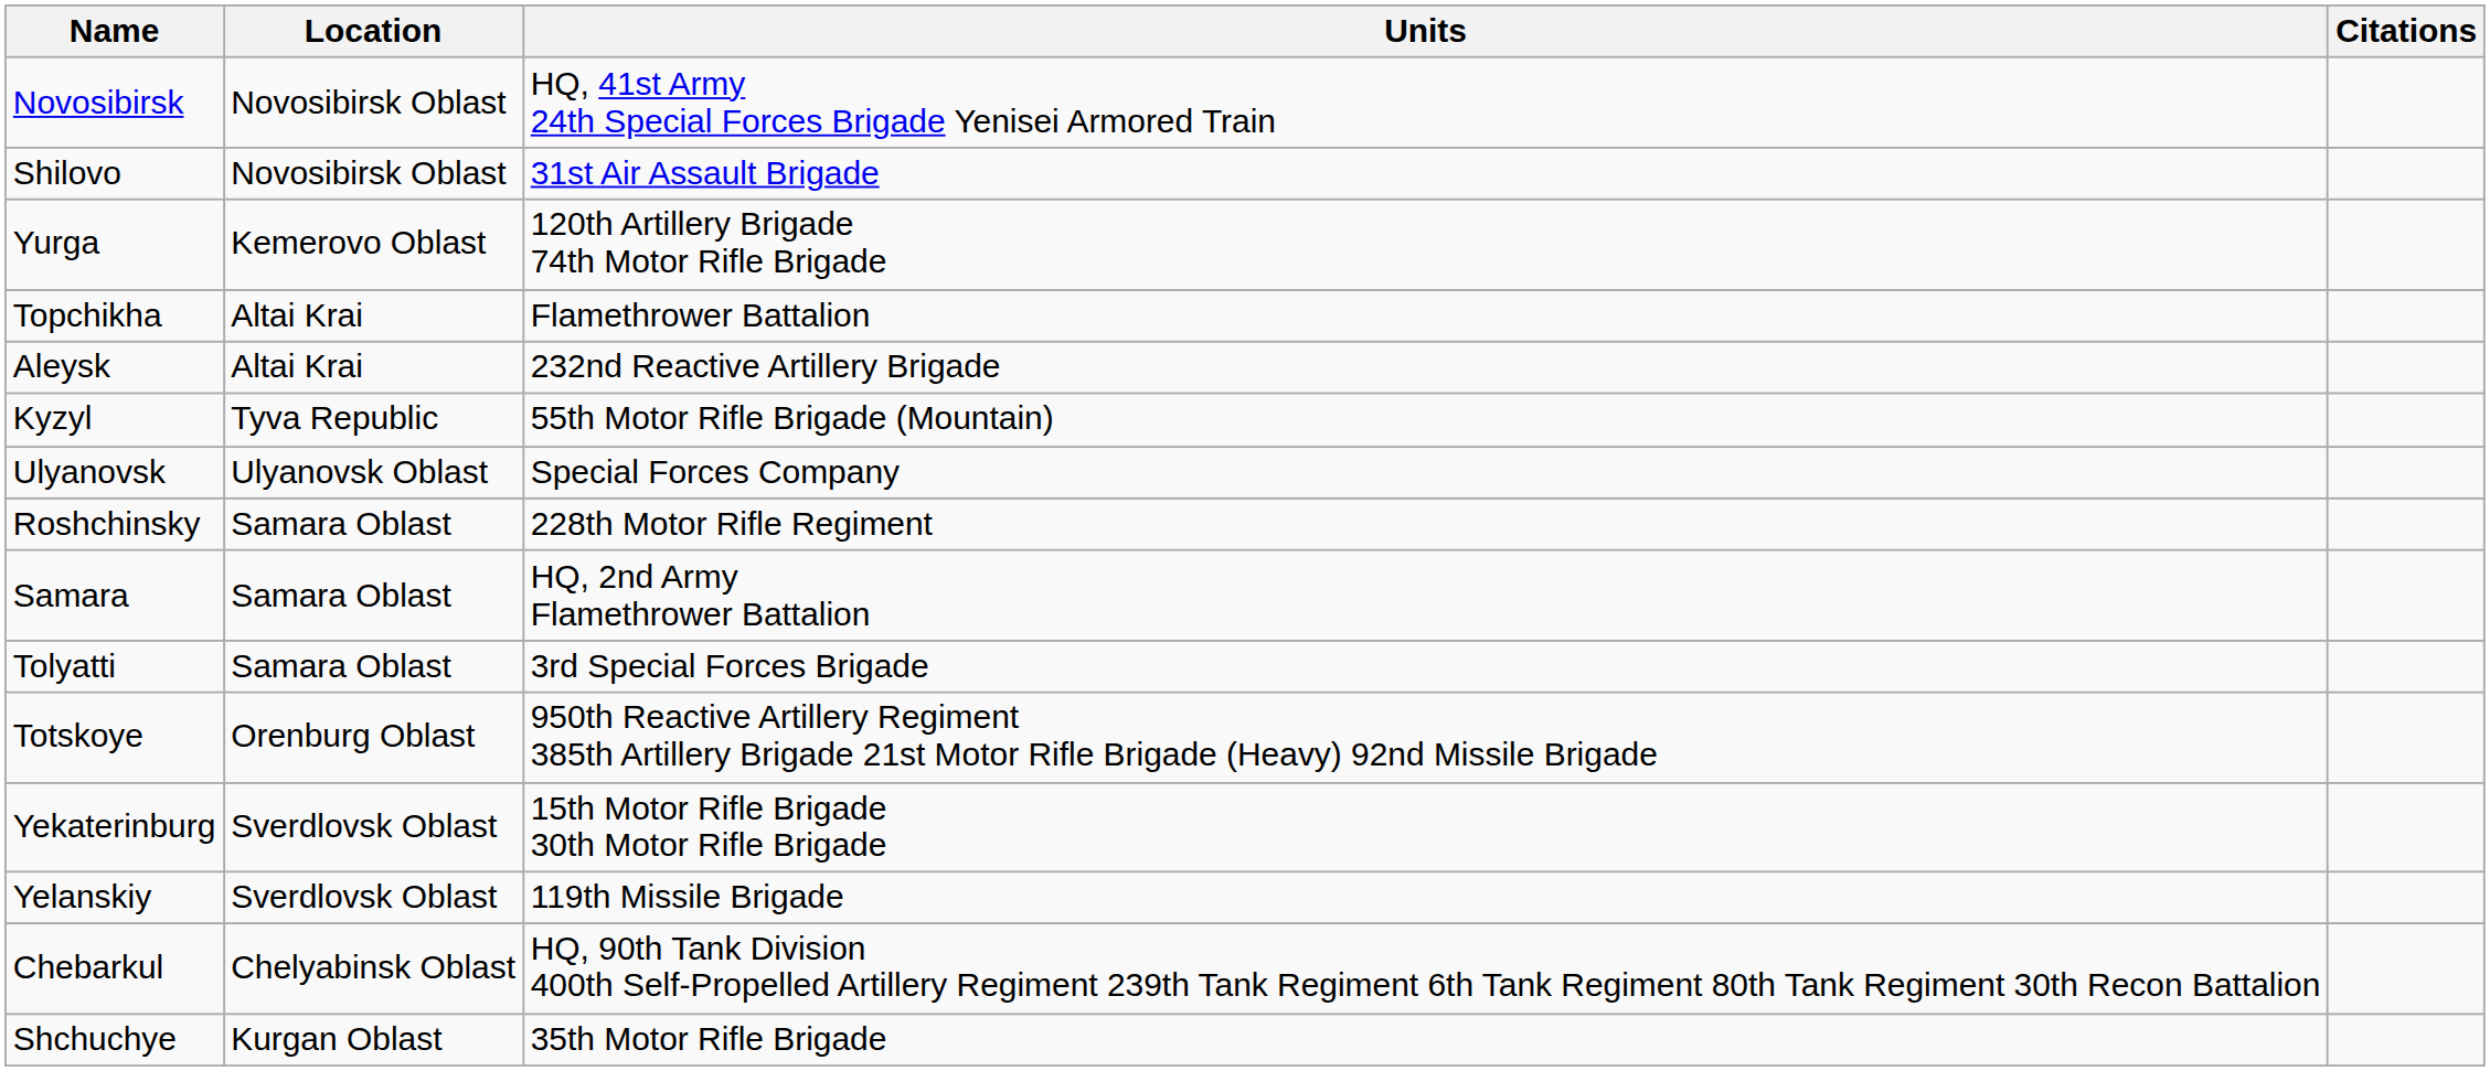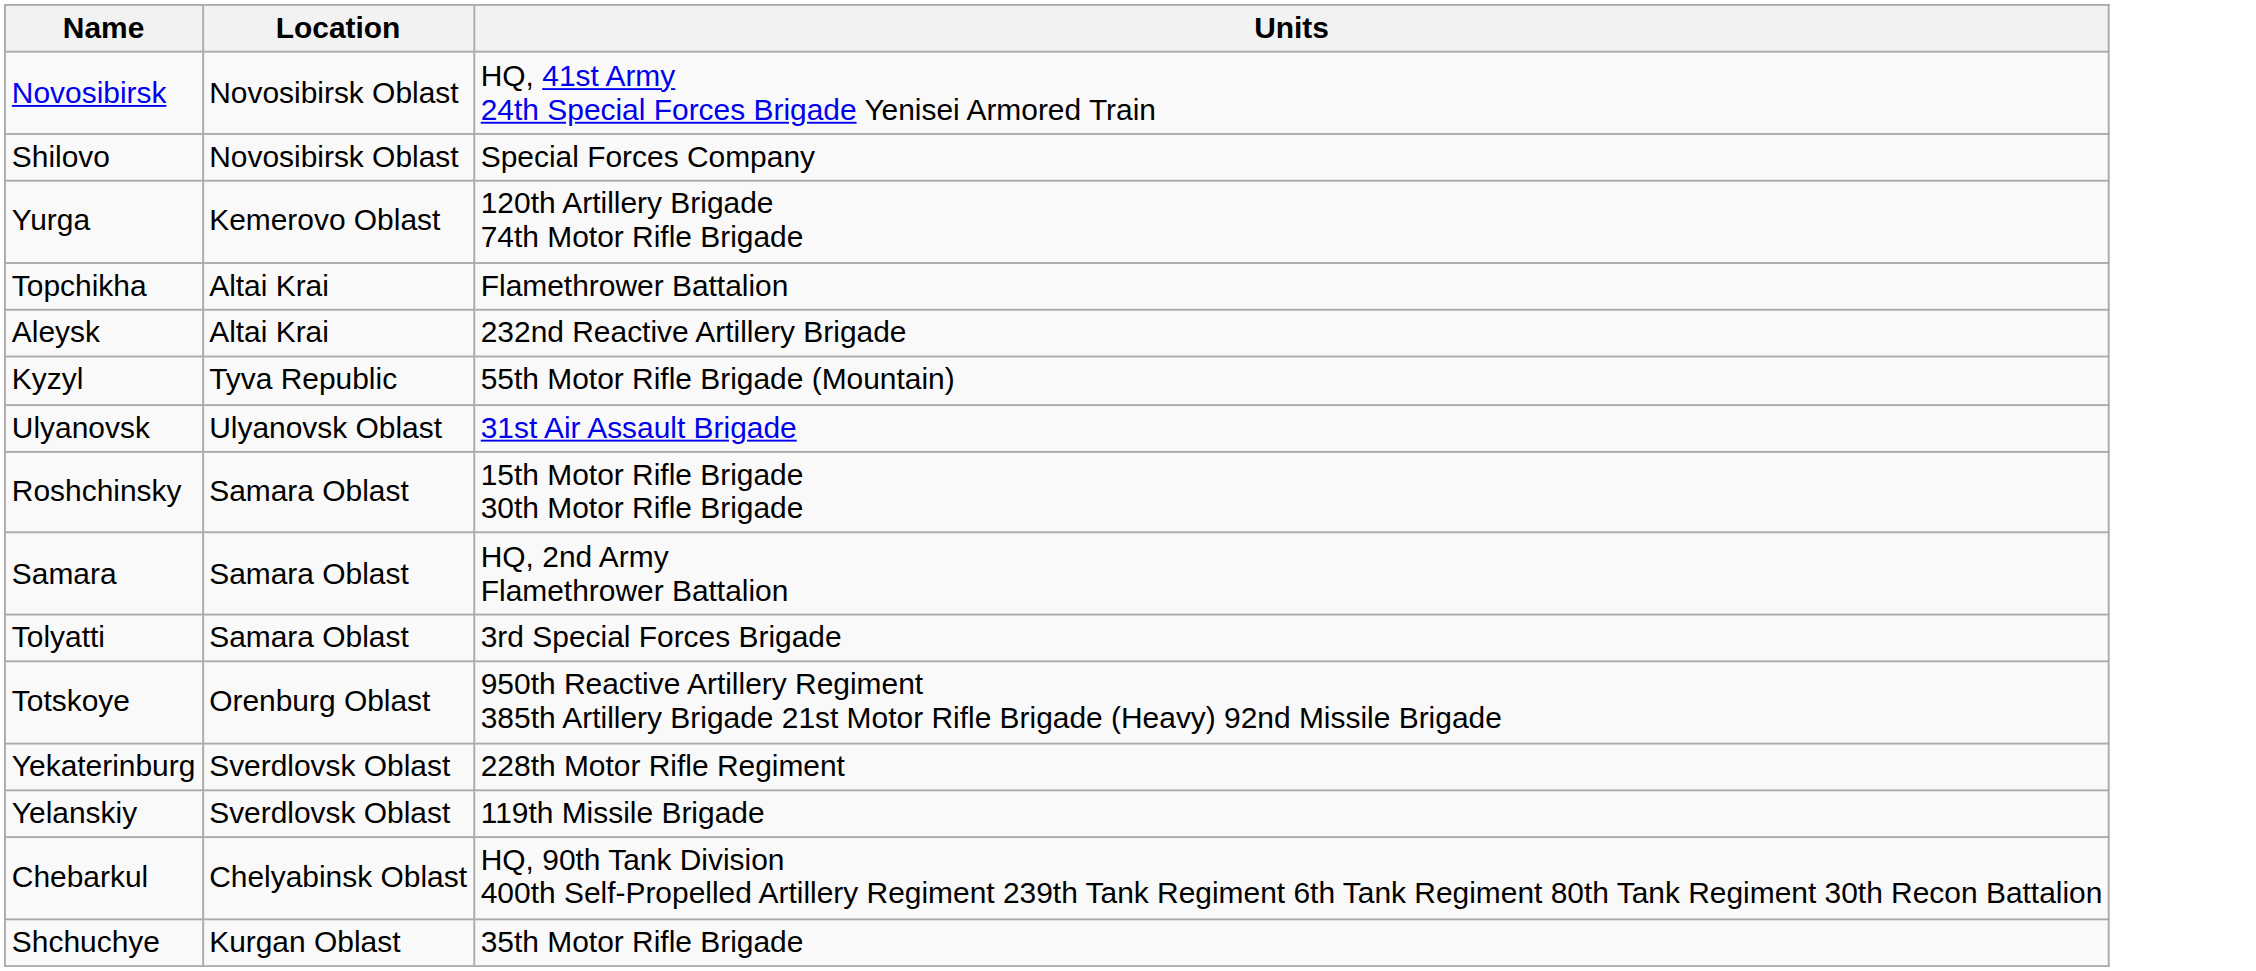 <table class="wikitable sortable">
 <tr>
 <th>Name</th>
 <th>Location</th>
 <th>Units</th>
-<th>Citations</th>
 </tr>
 <tr>
 <td><a href='#'>Novosibirsk</a></td>
 <td>Novosibirsk Oblast</td>
 <td>HQ, <a href='#'>41st Army</a><br><a href='#'>24th Special Forces Brigade</a> Yenisei Armored Train</td>
-<td></td>
 </tr>
 <tr>
 <td>Shilovo</td>
 <td>Novosibirsk Oblast</td>
-<td><a href='#'>31st Air Assault Brigade</a></td>
-<td></td>
+<td>Special Forces Company</td>
 </tr>
 <tr>
 <td>Yurga</td>
 <td>Kemerovo Oblast</td>
 <td>120th Artillery Brigade<br>74th Motor Rifle Brigade</td>
-<td></td>
 </tr>
 <tr>
 <td>Topchikha</td>
 <td>Altai Krai</td>
 <td>Flamethrower Battalion</td>
-<td></td>
 </tr>
 <tr>
 <td>Aleysk</td>
 <td>Altai Krai</td>
 <td>232nd Reactive Artillery Brigade</td>
-<td></td>
 </tr>
 <tr>
 <td>Kyzyl</td>
 <td>Tyva Republic</td>
 <td>55th Motor Rifle Brigade (Mountain)</td>
-<td></td>
 </tr>
 <tr>
 <td>Ulyanovsk</td>
 <td>Ulyanovsk Oblast</td>
-<td>Special Forces Company</td>
-<td></td>
+<td><a href='#'>31st Air Assault Brigade</a></td>
 </tr>
 <tr>
 <td>Roshchinsky</td>
 <td>Samara Oblast</td>
-<td>228th Motor Rifle Regiment</td>
-<td></td>
+<td>15th Motor Rifle Brigade<br>30th Motor Rifle Brigade</td>
 </tr>
 <tr>
 <td>Samara</td>
 <td>Samara Oblast</td>
 <td>HQ, 2nd Army<br>Flamethrower Battalion</td>
-<td></td>
 </tr>
 <tr>
 <td>Tolyatti</td>
 <td>Samara Oblast</td>
 <td>3rd Special Forces Brigade</td>
-<td></td>
 </tr>
 <tr>
 <td>Totskoye</td>
 <td>Orenburg Oblast</td>
 <td>950th Reactive Artillery Regiment<br>385th Artillery Brigade 21st Motor Rifle Brigade (Heavy) 92nd Missile Brigade</td>
-<td></td>
 </tr>
 <tr>
 <td>Yekaterinburg</td>
 <td>Sverdlovsk Oblast</td>
-<td>15th Motor Rifle Brigade<br>30th Motor Rifle Brigade</td>
-<td></td>
+<td>228th Motor Rifle Regiment</td>
 </tr>
 <tr>
 <td>Yelanskiy</td>
 <td>Sverdlovsk Oblast</td>
 <td>119th Missile Brigade</td>
-<td></td>
 </tr>
 <tr>
 <td>Chebarkul</td>
 <td>Chelyabinsk Oblast</td>
 <td>HQ, 90th Tank Division<br>400th Self-Propelled Artillery Regiment 239th Tank Regiment 6th Tank Regiment 80th Tank Regiment 30th Recon Battalion</td>
-<td></td>
 </tr>
 <tr>
 <td>Shchuchye</td>
 <td>Kurgan Oblast</td>
 <td>35th Motor Rifle Brigade</td>
-<td></td>
 </tr>
 </table>
